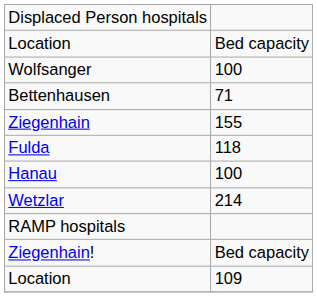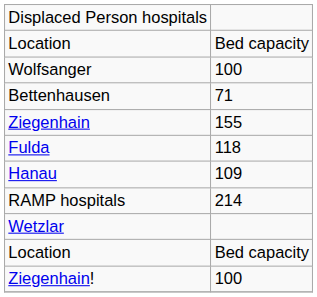 <table class="wikitable">
 <tr>
 <td>Displaced Person hospitals</td>
 <td></td>
 </tr>
 <tr>
 <td>Location</td>
 <td>Bed capacity</td>
 </tr>
 <tr>
 <td>Wolfsanger</td>
 <td>100</td>
 </tr>
 <tr>
 <td>Bettenhausen</td>
 <td>71</td>
 </tr>
 <tr>
 <td><a href='#'>Ziegenhain</a></td>
 <td>155</td>
 </tr>
 <tr>
 <td><a href='#'>Fulda</a></td>
 <td>118</td>
 </tr>
 <tr>
 <td><a href='#'>Hanau</a></td>
-<td>100</td>
+<td>109</td>
+</tr>
+<tr>
+<td>RAMP hospitals</td>
+<td>214</td>
 </tr>
 <tr>
 <td><a href='#'>Wetzlar</a></td>
-<td>214</td>
-</tr>
-<tr>
-<td>RAMP hospitals</td>
 <td></td>
 </tr>
 <tr>
-<td><a href='#'>Ziegenhain</a>!</td>
+<td>Location</td>
 <td>Bed capacity</td>
 </tr>
 <tr>
-<td>Location</td>
-<td>109</td>
+<td><a href='#'>Ziegenhain</a>!</td>
+<td>100</td>
 </tr>
 <tr>
 </tr>
 </table>
